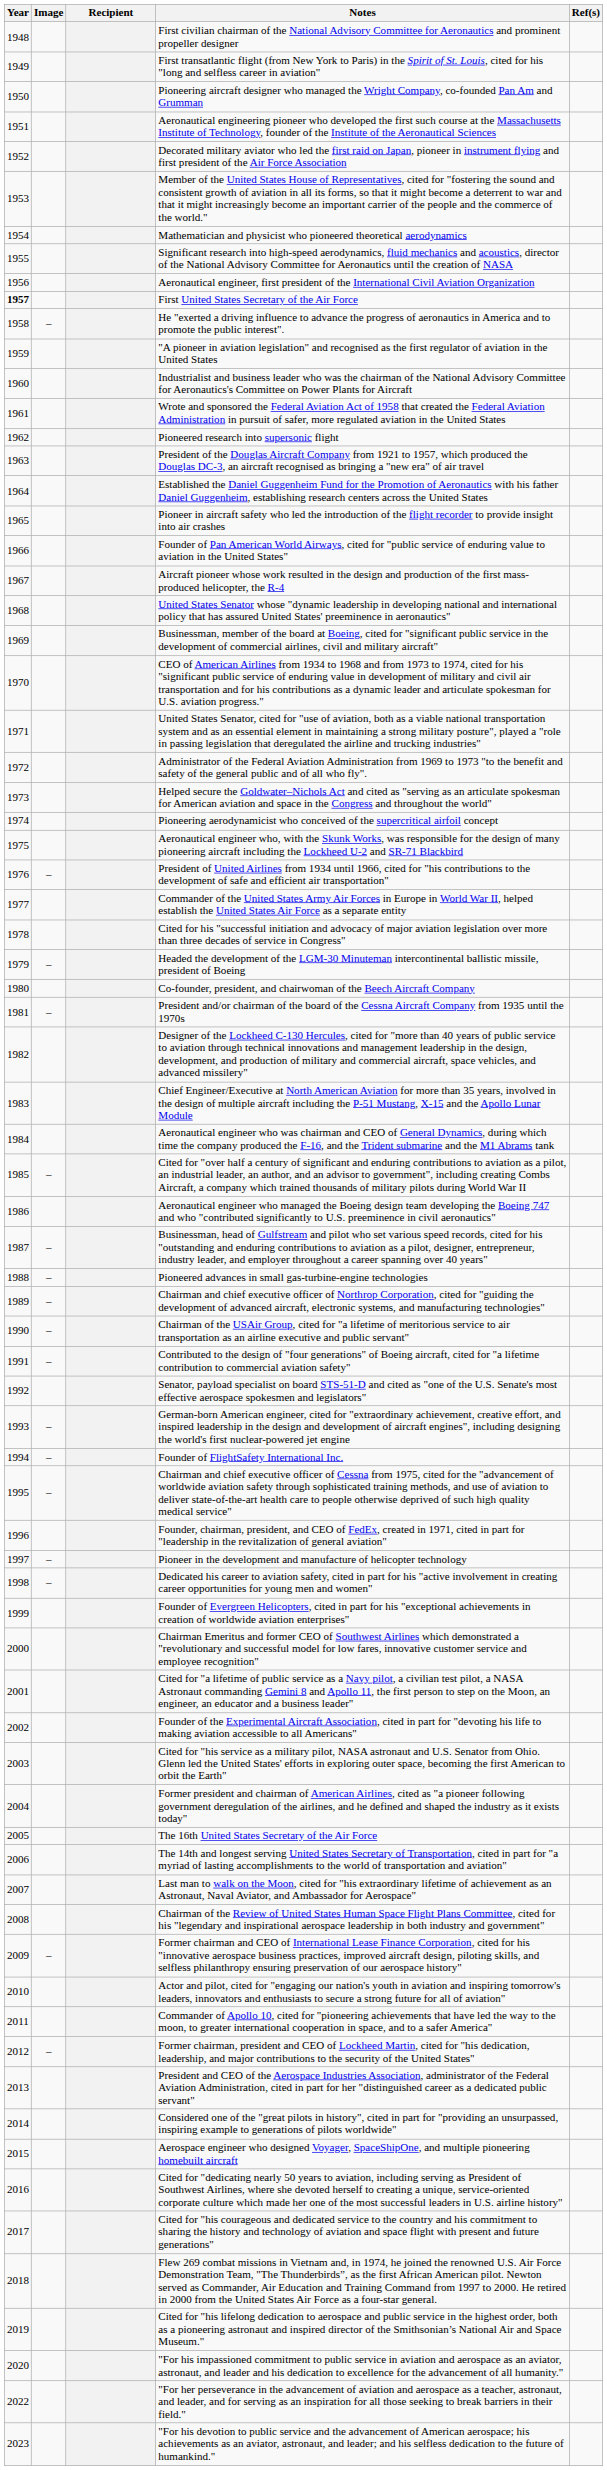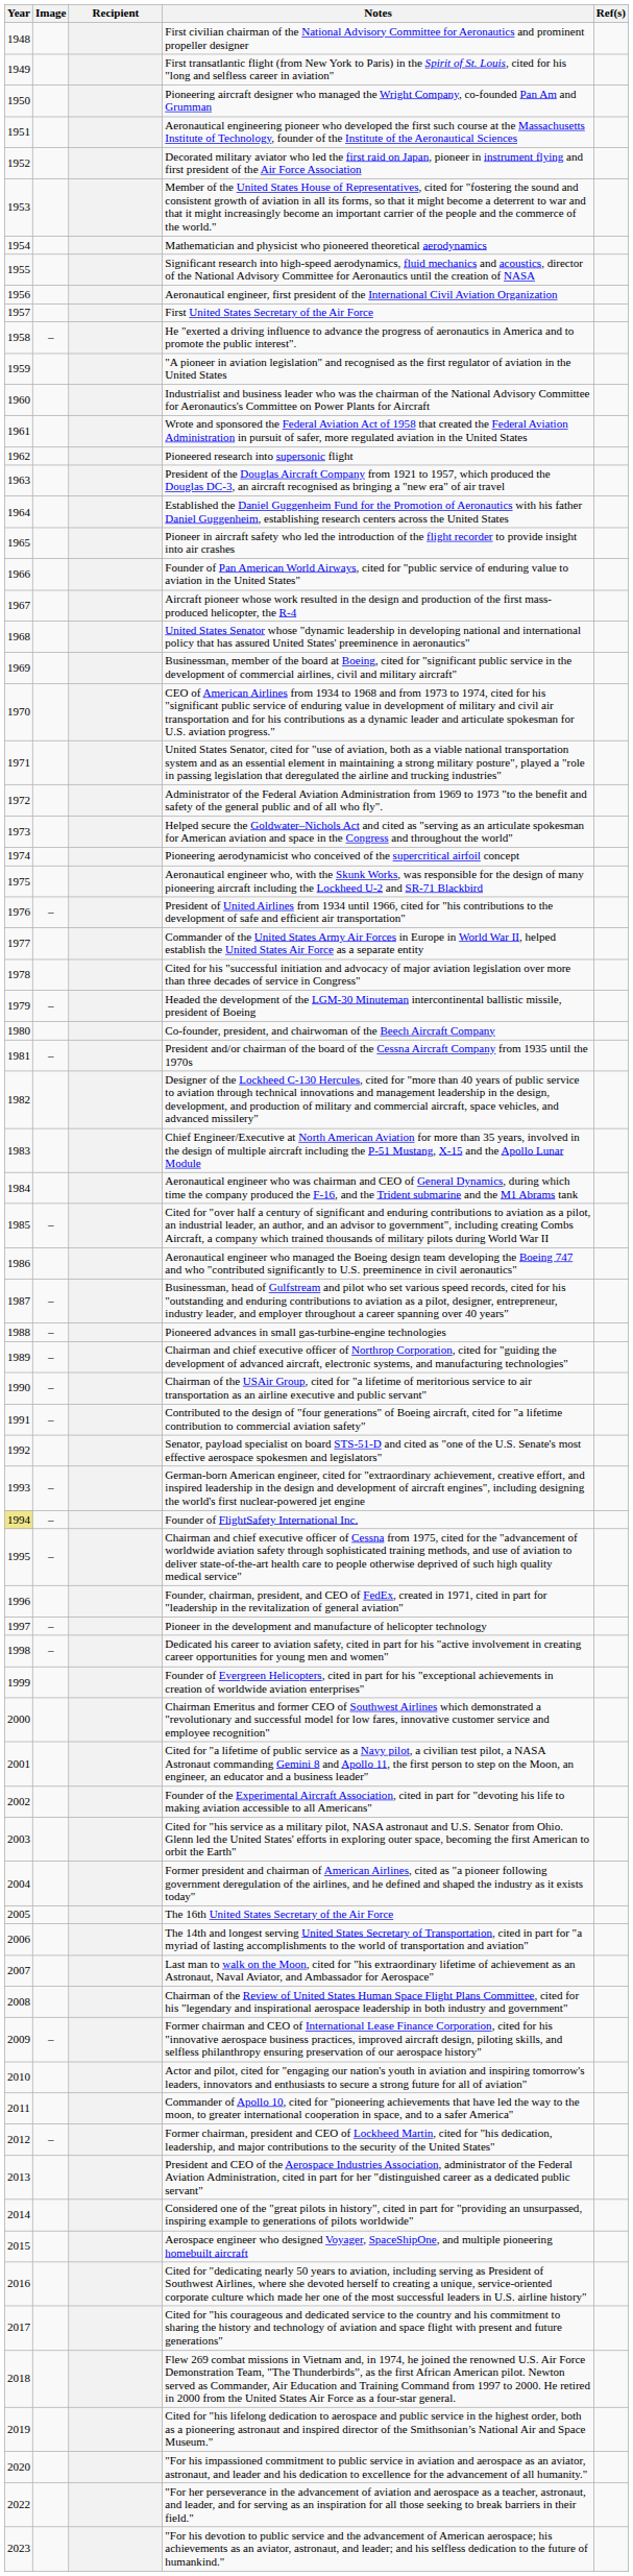 <table class="wikitable sortable plainrowheaders" style="text-align:center;">
 <tr>
 <th scope=col>Year</th>
 <th scope=col class=unsortable>Image</th>
 <th scope=col width=15%>Recipient</th>
 <th scope=col class=unsortable>Notes</th>
 <th scope=col class=unsortable>Ref(s)</th>
 </tr>
 <tr>
 <td>1948</td>
 <td></td>
 <th scope=row></th>
 <td align=left>First civilian chairman of the <a href='#'>National Advisory Committee for Aeronautics</a> and prominent propeller designer</td>
 <td></td>
 </tr>
 <tr>
 <td>1949</td>
 <td></td>
 <th scope=row></th>
 <td align=left>First transatlantic flight (from New York to Paris) in the <em><a href='#'>Spirit of St. Louis</a></em>, cited for his "long and selfless career in aviation"</td>
 <td></td>
 </tr>
 <tr>
 <td>1950</td>
 <td></td>
 <th scope=row></th>
 <td align=left>Pioneering aircraft designer who managed the <a href='#'>Wright Company</a>, co-founded <a href='#'>Pan Am</a> and <a href='#'>Grumman</a></td>
 <td></td>
 </tr>
 <tr>
 <td>1951</td>
 <td></td>
 <th scope=row></th>
 <td align=left>Aeronautical engineering pioneer who developed the first such course at the <a href='#'>Massachusetts Institute of Technology</a>, founder of the <a href='#'>Institute of the Aeronautical Sciences</a></td>
 <td></td>
 </tr>
 <tr>
 <td>1952</td>
 <td></td>
 <th scope=row></th>
 <td align=left>Decorated military aviator who led the <a href='#'>first raid on Japan</a>, pioneer in <a href='#'>instrument flying</a> and first president of the <a href='#'>Air Force Association</a></td>
 <td></td>
 </tr>
 <tr>
 <td>1953</td>
 <td></td>
 <th scope=row></th>
 <td align=left>Member of the <a href='#'>United States House of Representatives</a>, cited for "fostering the sound and consistent growth of aviation in all its forms, so that it might become a deterrent to war and that it might increasingly become an important carrier of the people and the commerce of the world."</td>
 <td></td>
 </tr>
 <tr>
 <td>1954</td>
 <td></td>
 <th scope=row></th>
 <td align=left>Mathematician and physicist who pioneered theoretical <a href='#'>aerodynamics</a></td>
 <td></td>
 </tr>
 <tr>
 <td>1955</td>
 <td></td>
 <th scope=row></th>
 <td align=left>Significant research into high-speed aerodynamics, <a href='#'>fluid mechanics</a> and <a href='#'>acoustics</a>, director of the National Advisory Committee for Aeronautics until the creation of <a href='#'>NASA</a></td>
 <td></td>
 </tr>
 <tr>
 <td>1956</td>
 <td></td>
 <th scope=row></th>
 <td align=left>Aeronautical engineer, first president of the <a href='#'>International Civil Aviation Organization</a></td>
 <td></td>
 </tr>
 <tr>
-<td><strong>1957</strong></td>
+<td>1957</td>
 <td></td>
 <th scope=row></th>
 <td align=left>First <a href='#'>United States Secretary of the Air Force</a></td>
 <td></td>
 </tr>
 <tr>
 <td>1958</td>
 <td>–</td>
 <th scope=row></th>
 <td align=left>He "exerted a driving influence to advance the progress of aeronautics in America and to promote the public interest".</td>
 <td></td>
 </tr>
 <tr>
 <td>1959</td>
 <td></td>
 <th scope=row></th>
 <td align=left>"A pioneer in aviation legislation" and recognised as the first regulator of aviation in the United States</td>
 <td></td>
 </tr>
 <tr>
 <td>1960</td>
 <td></td>
 <th scope=row></th>
 <td align=left>Industrialist and business leader who was the chairman of the National Advisory Committee for Aeronautics's Committee on Power Plants for Aircraft</td>
 <td></td>
 </tr>
 <tr>
 <td>1961</td>
 <td></td>
 <th scope=row></th>
 <td align=left>Wrote and sponsored the <a href='#'>Federal Aviation Act of 1958</a> that created the <a href='#'>Federal Aviation Administration</a> in pursuit of safer, more regulated aviation in the United States</td>
 <td></td>
 </tr>
 <tr>
 <td>1962</td>
 <td></td>
 <th scope=row></th>
 <td align=left>Pioneered research into <a href='#'>supersonic</a> flight</td>
 <td></td>
 </tr>
 <tr>
 <td>1963</td>
 <td></td>
 <th scope=row></th>
 <td align=left>President of the <a href='#'>Douglas Aircraft Company</a> from 1921 to 1957, which produced the <a href='#'>Douglas DC-3</a>, an aircraft recognised as bringing a "new era" of air travel</td>
 <td></td>
 </tr>
 <tr>
 <td>1964</td>
 <td></td>
 <th scope=row></th>
 <td align=left>Established the <a href='#'>Daniel Guggenheim Fund for the Promotion of Aeronautics</a> with his father <a href='#'>Daniel Guggenheim</a>, establishing research centers across the United States</td>
 <td></td>
 </tr>
 <tr>
 <td>1965</td>
 <td></td>
 <th scope=row></th>
 <td align=left>Pioneer in aircraft safety who led the introduction of the <a href='#'>flight recorder</a> to provide insight into air crashes</td>
 <td></td>
 </tr>
 <tr>
 <td>1966</td>
 <td></td>
 <th scope="row"></th>
 <td align=left>Founder of <a href='#'>Pan American World Airways</a>, cited for "public service of enduring value to aviation in the United States"</td>
 <td></td>
 </tr>
 <tr>
 <td>1967</td>
 <td></td>
 <th scope=row></th>
 <td align=left>Aircraft pioneer whose work resulted in the design and production of the first mass-produced helicopter, the <a href='#'>R-4</a></td>
 <td></td>
 </tr>
 <tr>
 <td>1968</td>
 <td></td>
 <th scope=row></th>
 <td align=left><a href='#'>United States Senator</a> whose "dynamic leadership in developing national and international policy that has assured United States' preeminence in aeronautics"</td>
 <td align=left></td>
 </tr>
 <tr>
 <td>1969</td>
 <td></td>
 <th scope=row></th>
 <td align=left>Businessman, member of the board at <a href='#'>Boeing</a>, cited for "significant public service in the development of commercial airlines, civil and military aircraft"</td>
 <td></td>
 </tr>
 <tr>
 <td>1970</td>
 <td></td>
 <th scope=row></th>
 <td align=left>CEO of <a href='#'>American Airlines</a> from 1934 to 1968 and from 1973 to 1974, cited for his "significant public service of enduring value in development of military and civil air transportation and for his contributions as a dynamic leader and articulate spokesman for U.S. aviation progress."</td>
 <td></td>
 </tr>
 <tr>
 <td>1971</td>
 <td></td>
 <th scope=row></th>
 <td align=left>United States Senator, cited for "use of aviation, both as a viable national transportation system and as an essential element in maintaining a strong military posture", played a "role in passing legislation that deregulated the airline and trucking industries"</td>
 <td></td>
 </tr>
 <tr>
 <td>1972</td>
 <td></td>
 <th scope=row></th>
 <td align=left>Administrator of the Federal Aviation Administration from 1969 to 1973 "to the benefit and safety of the general public and of all who fly".</td>
 <td></td>
 </tr>
 <tr>
 <td>1973</td>
 <td></td>
 <th scope=row></th>
 <td align=left>Helped secure the <a href='#'>Goldwater–Nichols Act</a> and cited as "serving as an articulate spokesman for American aviation and space in the <a href='#'>Congress</a> and throughout the world"</td>
 <td></td>
 </tr>
 <tr>
 <td>1974</td>
 <td></td>
 <th scope=row></th>
 <td align=left>Pioneering aerodynamicist who conceived of the <a href='#'>supercritical airfoil</a> concept</td>
 <td></td>
 </tr>
 <tr>
 <td>1975</td>
 <td></td>
 <th scope="row"></th>
 <td align=left>Aeronautical engineer who, with the <a href='#'>Skunk Works</a>, was responsible for the design of many pioneering aircraft including the <a href='#'>Lockheed U-2</a> and <a href='#'>SR-71 Blackbird</a></td>
 <td></td>
 </tr>
 <tr>
 <td>1976</td>
 <td>–</td>
 <th scope=row></th>
 <td align=left>President of <a href='#'>United Airlines</a> from 1934 until 1966, cited for "his contributions to the development of safe and efficient air transportation"</td>
 <td></td>
 </tr>
 <tr>
 <td>1977</td>
 <td></td>
 <th scope=row></th>
 <td align=left>Commander of the <a href='#'>United States Army Air Forces</a> in Europe in <a href='#'>World War II</a>, helped establish the <a href='#'>United States Air Force</a> as a separate entity</td>
 <td></td>
 </tr>
 <tr>
 <td>1978</td>
 <td></td>
 <th scope=row></th>
 <td align=left>Cited for his "successful initiation and advocacy of major aviation legislation over more than three decades of service in Congress"</td>
 <td></td>
 </tr>
 <tr>
 <td>1979</td>
 <td>–</td>
 <th scope=row></th>
 <td align=left>Headed the development of the <a href='#'>LGM-30 Minuteman</a> intercontinental ballistic missile, president of Boeing</td>
 <td></td>
 </tr>
 <tr>
 <td>1980</td>
 <td></td>
 <th scope=row></th>
 <td align=left>Co-founder, president, and chairwoman of the <a href='#'>Beech Aircraft Company</a></td>
 <td></td>
 </tr>
 <tr>
 <td>1981</td>
 <td>–</td>
 <th scope=row></th>
 <td align=left>President and/or chairman of the board of the <a href='#'>Cessna Aircraft Company</a> from 1935 until the 1970s</td>
 <td></td>
 </tr>
 <tr>
 <td>1982</td>
 <td></td>
 <th scope=row></th>
 <td align=left>Designer of the <a href='#'>Lockheed C-130 Hercules</a>, cited for "more than 40 years of public service to aviation through technical innovations and management leadership in the design, development, and production of military and commercial aircraft, space vehicles, and advanced missilery"</td>
 <td></td>
 </tr>
 <tr>
 <td>1983</td>
 <td></td>
 <th scope=row></th>
 <td align=left>Chief Engineer/Executive at <a href='#'>North American Aviation</a> for more than 35 years, involved in the design of multiple aircraft including the <a href='#'>P-51 Mustang</a>, <a href='#'>X-15</a> and the <a href='#'>Apollo Lunar Module</a></td>
 <td></td>
 </tr>
 <tr>
 <td>1984</td>
 <td></td>
 <th scope=row></th>
 <td align=left>Aeronautical engineer who was chairman and CEO of <a href='#'>General Dynamics</a>, during which time the company produced the <a href='#'>F-16</a>, and the <a href='#'>Trident submarine</a> and the <a href='#'>M1 Abrams</a> tank</td>
 <td></td>
 </tr>
 <tr>
 <td>1985</td>
 <td>–</td>
 <th scope=row></th>
 <td align=left>Cited for "over half a century of significant and enduring contributions to aviation as a pilot, an industrial leader, an author, and an advisor to government", including creating Combs Aircraft, a company which trained thousands of military pilots during World War II</td>
 <td></td>
 </tr>
 <tr>
 <td>1986</td>
 <td></td>
 <th scope=row></th>
 <td align=left>Aeronautical engineer who managed the Boeing design team developing the <a href='#'>Boeing 747</a> and who "contributed significantly to U.S. preeminence in civil aeronautics"</td>
 <td></td>
 </tr>
 <tr>
 <td>1987</td>
 <td>–</td>
 <th scope=row></th>
 <td align=left>Businessman, head of <a href='#'>Gulfstream</a> and pilot who set various speed records, cited for his "outstanding and enduring contributions to aviation as a pilot, designer, entrepreneur, industry leader, and employer throughout a career spanning over 40 years"</td>
 <td></td>
 </tr>
 <tr>
 <td>1988</td>
 <td>–</td>
 <th scope=row></th>
 <td align=left>Pioneered advances in small gas-turbine-engine technologies</td>
 <td></td>
 </tr>
 <tr>
 <td>1989</td>
 <td>–</td>
 <th scope=row></th>
 <td align=left>Chairman and chief executive officer of <a href='#'>Northrop Corporation</a>, cited for "guiding the development of advanced aircraft, electronic systems, and manufacturing technologies"</td>
 <td></td>
 </tr>
 <tr>
 <td>1990</td>
 <td>–</td>
 <th scope=row></th>
 <td align=left>Chairman of the <a href='#'>USAir Group</a>, cited for "a lifetime of meritorious service to air transportation as an airline executive and public servant"</td>
 <td></td>
 </tr>
 <tr>
 <td>1991</td>
 <td>–</td>
 <th scope=row></th>
 <td align=left>Contributed to the design of "four generations" of Boeing aircraft, cited for "a lifetime contribution to commercial aviation safety"</td>
 <td></td>
 </tr>
 <tr>
 <td>1992</td>
 <td></td>
 <th scope=row></th>
 <td align=left>Senator, payload specialist on board <a href='#'>STS-51-D</a> and cited as "one of the U.S. Senate's most effective aerospace spokesmen and legislators"</td>
 <td></td>
 </tr>
 <tr>
 <td>1993</td>
 <td>–</td>
 <th scope=row></th>
 <td align=left>German-born American engineer, cited for "extraordinary achievement, creative effort, and inspired leadership in the design and development of aircraft engines", including designing the world's first nuclear-powered jet engine</td>
 <td></td>
 </tr>
 <tr>
-<td>1994</td>
+<td style="background: khaki;">1994</td>
 <td>–</td>
 <th scope=row></th>
 <td align=left>Founder of <a href='#'>FlightSafety International Inc.</a></td>
 <td></td>
 </tr>
 <tr>
 <td>1995</td>
 <td>–</td>
 <th scope=row></th>
 <td align=left>Chairman and chief executive officer of <a href='#'>Cessna</a> from 1975, cited for the "advancement of worldwide aviation safety through sophisticated training methods, and use of aviation to deliver state-of-the-art health care to people otherwise deprived of such high quality medical service"</td>
 <td></td>
 </tr>
 <tr>
 <td>1996</td>
 <td></td>
 <th scope=row></th>
 <td align=left>Founder, chairman, president, and CEO of <a href='#'>FedEx</a>, created in 1971, cited in part for "leadership in the revitalization of general aviation"</td>
 <td></td>
 </tr>
 <tr>
 <td>1997</td>
 <td>–</td>
 <th scope=row></th>
 <td align=left>Pioneer in the development and manufacture of helicopter technology</td>
 <td></td>
 </tr>
 <tr>
 <td>1998</td>
 <td>–</td>
 <th scope=row></th>
 <td align=left>Dedicated his career to aviation safety, cited in part for his "active involvement in creating career opportunities for young men and women"</td>
 <td></td>
 </tr>
 <tr>
 <td>1999</td>
 <td></td>
 <th scope=row></th>
 <td align=left>Founder of <a href='#'>Evergreen Helicopters</a>, cited in part for his "exceptional achievements in creation of worldwide aviation enterprises"</td>
 <td></td>
 </tr>
 <tr>
 <td>2000</td>
 <td></td>
 <th scope=row></th>
 <td align=left>Chairman Emeritus and former CEO of <a href='#'>Southwest Airlines</a> which demonstrated a "revolutionary and successful model for low fares, innovative customer service and employee recognition"</td>
 <td></td>
 </tr>
 <tr>
 <td>2001</td>
 <td></td>
 <th scope=row></th>
 <td align=left>Cited for "a lifetime of public service as a <a href='#'>Navy pilot</a>, a civilian test pilot, a NASA Astronaut commanding <a href='#'>Gemini 8</a> and <a href='#'>Apollo 11</a>, the first person to step on the Moon, an engineer, an educator and a business leader"</td>
 <td></td>
 </tr>
 <tr>
 <td>2002</td>
 <td></td>
 <th scope=row></th>
 <td align=left>Founder of the <a href='#'>Experimental Aircraft Association</a>, cited in part for "devoting his life to making aviation accessible to all Americans"</td>
 <td></td>
 </tr>
 <tr>
 <td style="text-align:center;">2003</td>
 <td></td>
 <th scope=row></th>
 <td align=left>Cited for "his service as a military pilot, NASA astronaut and U.S. Senator from Ohio. Glenn led the United States' efforts in exploring outer space, becoming the first American to orbit the Earth"</td>
 <td></td>
 </tr>
 <tr>
 <td style="text-align:center;">2004</td>
 <td></td>
 <th scope=row></th>
 <td align=left>Former president and chairman of <a href='#'>American Airlines</a>, cited as "a pioneer following government deregulation of the airlines, and he defined and shaped the industry as it exists today"</td>
 <td></td>
 </tr>
 <tr>
 <td>2005</td>
 <td></td>
 <th scope=row></th>
 <td align=left>The 16th <a href='#'>United States Secretary of the Air Force</a></td>
 <td></td>
 </tr>
 <tr>
 <td>2006</td>
 <td></td>
 <th scope=row></th>
 <td align=left>The 14th and longest serving <a href='#'>United States Secretary of Transportation</a>, cited in part for "a myriad of lasting accomplishments to the world of transportation and aviation"</td>
 <td></td>
 </tr>
 <tr>
 <td>2007</td>
 <td></td>
 <th scope=row></th>
 <td align=left>Last man to <a href='#'>walk on the Moon</a>, cited for "his extraordinary lifetime of achievement as an Astronaut, Naval Aviator, and Ambassador for Aerospace"</td>
 <td></td>
 </tr>
 <tr>
 <td>2008</td>
 <td></td>
 <th scope=row></th>
 <td align=left>Chairman of the <a href='#'>Review of United States Human Space Flight Plans Committee</a>, cited for his "legendary and inspirational aerospace leadership in both industry and government"</td>
 <td></td>
 </tr>
 <tr>
 <td>2009</td>
 <td>–</td>
 <th scope=row></th>
 <td align=left>Former chairman and CEO of <a href='#'>International Lease Finance Corporation</a>, cited for his "innovative aerospace business practices, improved aircraft design, piloting skills, and selfless philanthropy ensuring preservation of our aerospace history"</td>
 <td></td>
 </tr>
 <tr>
 <td>2010</td>
 <td></td>
 <th scope=row></th>
 <td align=left>Actor and pilot, cited for "engaging our nation's youth in aviation and inspiring tomorrow's leaders, innovators and enthusiasts to secure a strong future for all of aviation"</td>
 <td></td>
 </tr>
 <tr>
 <td>2011</td>
 <td></td>
 <th scope=row></th>
 <td align=left>Commander of <a href='#'>Apollo 10</a>, cited for "pioneering achievements that have led the way to the moon, to greater international cooperation in space, and to a safer America"</td>
 <td></td>
 </tr>
 <tr>
 <td>2012</td>
 <td>–</td>
 <th scope=row></th>
 <td align=left>Former chairman, president and CEO of <a href='#'>Lockheed Martin</a>, cited for "his dedication, leadership, and major contributions to the security of the United States"</td>
 <td></td>
 </tr>
 <tr>
 <td>2013</td>
 <td></td>
 <th scope=row></th>
 <td align=left>President and CEO of the <a href='#'>Aerospace Industries Association</a>, administrator of the Federal Aviation Administration, cited in part for her "distinguished career as a dedicated public servant"</td>
 <td></td>
 </tr>
 <tr>
 <td>2014</td>
 <td></td>
 <th scope=row></th>
 <td align=left>Considered one of the "great pilots in history", cited in part for "providing an unsurpassed, inspiring example to generations of pilots worldwide"</td>
 <td></td>
 </tr>
 <tr>
 <td>2015</td>
 <td></td>
 <th scope=row></th>
 <td align=left>Aerospace engineer who designed <a href='#'>Voyager</a>, <a href='#'>SpaceShipOne</a>, and multiple pioneering <a href='#'>homebuilt aircraft</a></td>
 <td></td>
 </tr>
 <tr>
 <td>2016</td>
 <td></td>
 <th scope=row></th>
 <td align=left>Cited for "dedicating nearly 50 years to aviation, including serving as President of Southwest Airlines, where she devoted herself to creating a unique, service-oriented corporate culture which made her one of the most successful leaders in U.S. airline history"</td>
 <td></td>
 </tr>
 <tr>
 <td>2017</td>
 <td></td>
 <th scope=row></th>
 <td align=left>Cited for "his courageous and dedicated service to the country and his commitment to sharing the history and technology of aviation and space flight with present and future generations"</td>
 <td></td>
 </tr>
 <tr>
 <td>2018</td>
 <td></td>
 <th scope=row></th>
 <td align=left>Flew 269 combat missions in Vietnam and, in 1974, he joined the renowned U.S. Air Force Demonstration Team, "The Thunderbirds”, as the first African American pilot. Newton served as Commander, Air Education and Training Command from 1997 to 2000.  He retired in 2000 from the United States Air Force as a four-star general.</td>
 <td></td>
 </tr>
 <tr>
 <td>2019</td>
 <td></td>
 <th scope=row></th>
 <td align=left>Cited for "his lifelong dedication to aerospace and public service in the highest order, both as a pioneering astronaut and inspired director of the Smithsonian’s National Air and Space Museum."</td>
 <td></td>
 </tr>
 <tr>
 <td>2020</td>
 <td></td>
 <th scope=row></th>
 <td align=left>"For his impassioned commitment to public service in aviation and aerospace as an aviator, astronaut, and leader and his dedication to excellence for the advancement of all humanity."</td>
 <td></td>
 </tr>
 <tr>
 <td>2022</td>
 <td></td>
 <th scope=row></th>
 <td align=left>"For her perseverance in the advancement of aviation and aerospace as a teacher, astronaut, and leader, and for serving as an inspiration for all those seeking to break barriers in their field."</td>
 <td></td>
 </tr>
 <tr>
 <td>2023</td>
 <td></td>
 <th scope=row></th>
 <td align=left>"For his devotion to public service and the advancement of American aerospace; his achievements as an aviator, astronaut, and leader; and his selfless dedication to the future of humankind."</td>
 <td></td>
 </tr>
 </table>
